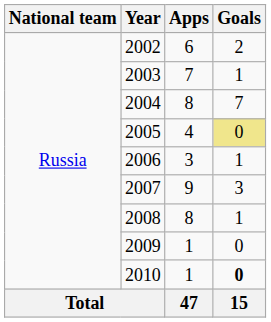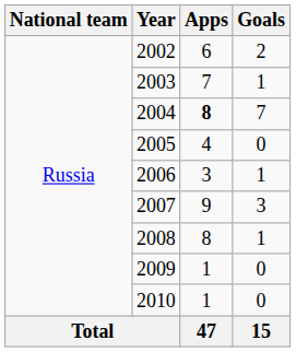 <table class="wikitable" style="text-align:center">
 <tr>
 <th>National team</th>
 <th>Year</th>
 <th>Apps</th>
 <th>Goals</th>
 </tr>
 <tr>
 <td rowspan="9"><a href='#'>Russia</a></td>
 <td>2002</td>
 <td>6</td>
 <td>2</td>
 </tr>
 <tr>
 <td>2003</td>
 <td>7</td>
 <td>1</td>
 </tr>
 <tr>
 <td>2004</td>
-<td>8</td>
+<td><strong>8</strong></td>
 <td>7</td>
 </tr>
 <tr>
 <td>2005</td>
 <td>4</td>
-<td style="background: khaki;">0</td>
+<td>0</td>
 </tr>
 <tr>
 <td>2006</td>
 <td>3</td>
 <td>1</td>
 </tr>
 <tr>
 <td>2007</td>
 <td>9</td>
 <td>3</td>
 </tr>
 <tr>
 <td>2008</td>
 <td>8</td>
 <td>1</td>
 </tr>
 <tr>
 <td>2009</td>
 <td>1</td>
 <td>0</td>
 </tr>
 <tr>
 <td>2010</td>
 <td>1</td>
-<td><strong>0</strong></td>
+<td>0</td>
 </tr>
 <tr>
 <th colspan="2">Total</th>
 <th>47</th>
 <th>15</th>
 </tr>
 </table>
